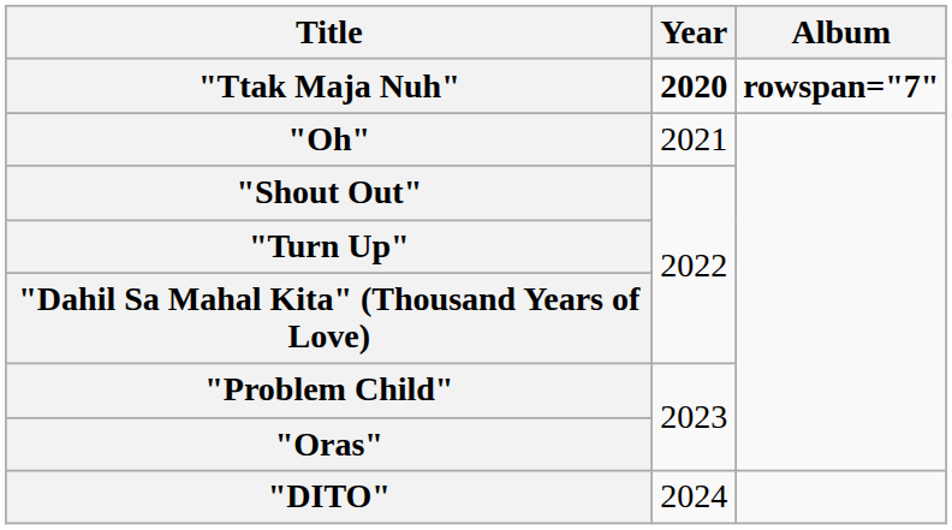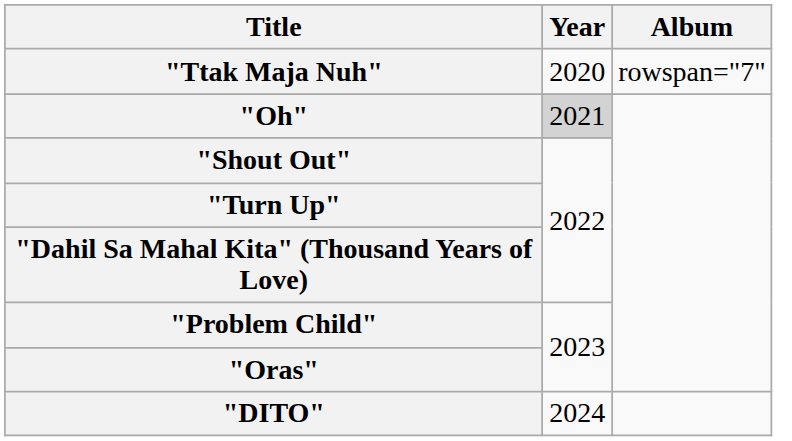 <table class="wikitable plainrowheaders" style="text-align:center;">
 <tr>
 <th rowspan="1" scope="col" style="width:300px;">Title</th>
 <th rowspan="1" scope="col">Year</th>
 <th rowspan="1" scope="col">Album</th>
 </tr>
 <tr>
 <th scope="row">"Ttak Maja Nuh"</th>
-<td align="center"><strong>2020</strong></td>
-<td><strong>rowspan="7" </strong></td>
+<td align="center">2020</td>
+<td>rowspan="7" </td>
 </tr>
 <tr>
 <th scope="row">"Oh"</th>
-<td align="center">2021</td>
+<td align="center" style="background: lightgrey;">2021</td>
 </tr>
 <tr>
 <th scope="row">"Shout Out"</th>
 <td rowspan="3" align="center">2022</td>
 </tr>
 <tr>
 <th scope="row">"Turn Up"</th>
 </tr>
 <tr>
 <th scope="row">"Dahil Sa Mahal Kita" (Thousand Years of Love)</th>
 </tr>
 <tr>
 <th scope="row">"Problem Child"</th>
 <td align="center" rowspan="2">2023</td>
 </tr>
 <tr>
 <th scope="row">"Oras"</th>
 </tr>
 <tr>
 <th scope="row">"DITO"</th>
 <td>2024</td>
 <td></td>
 </tr>
 </table>
